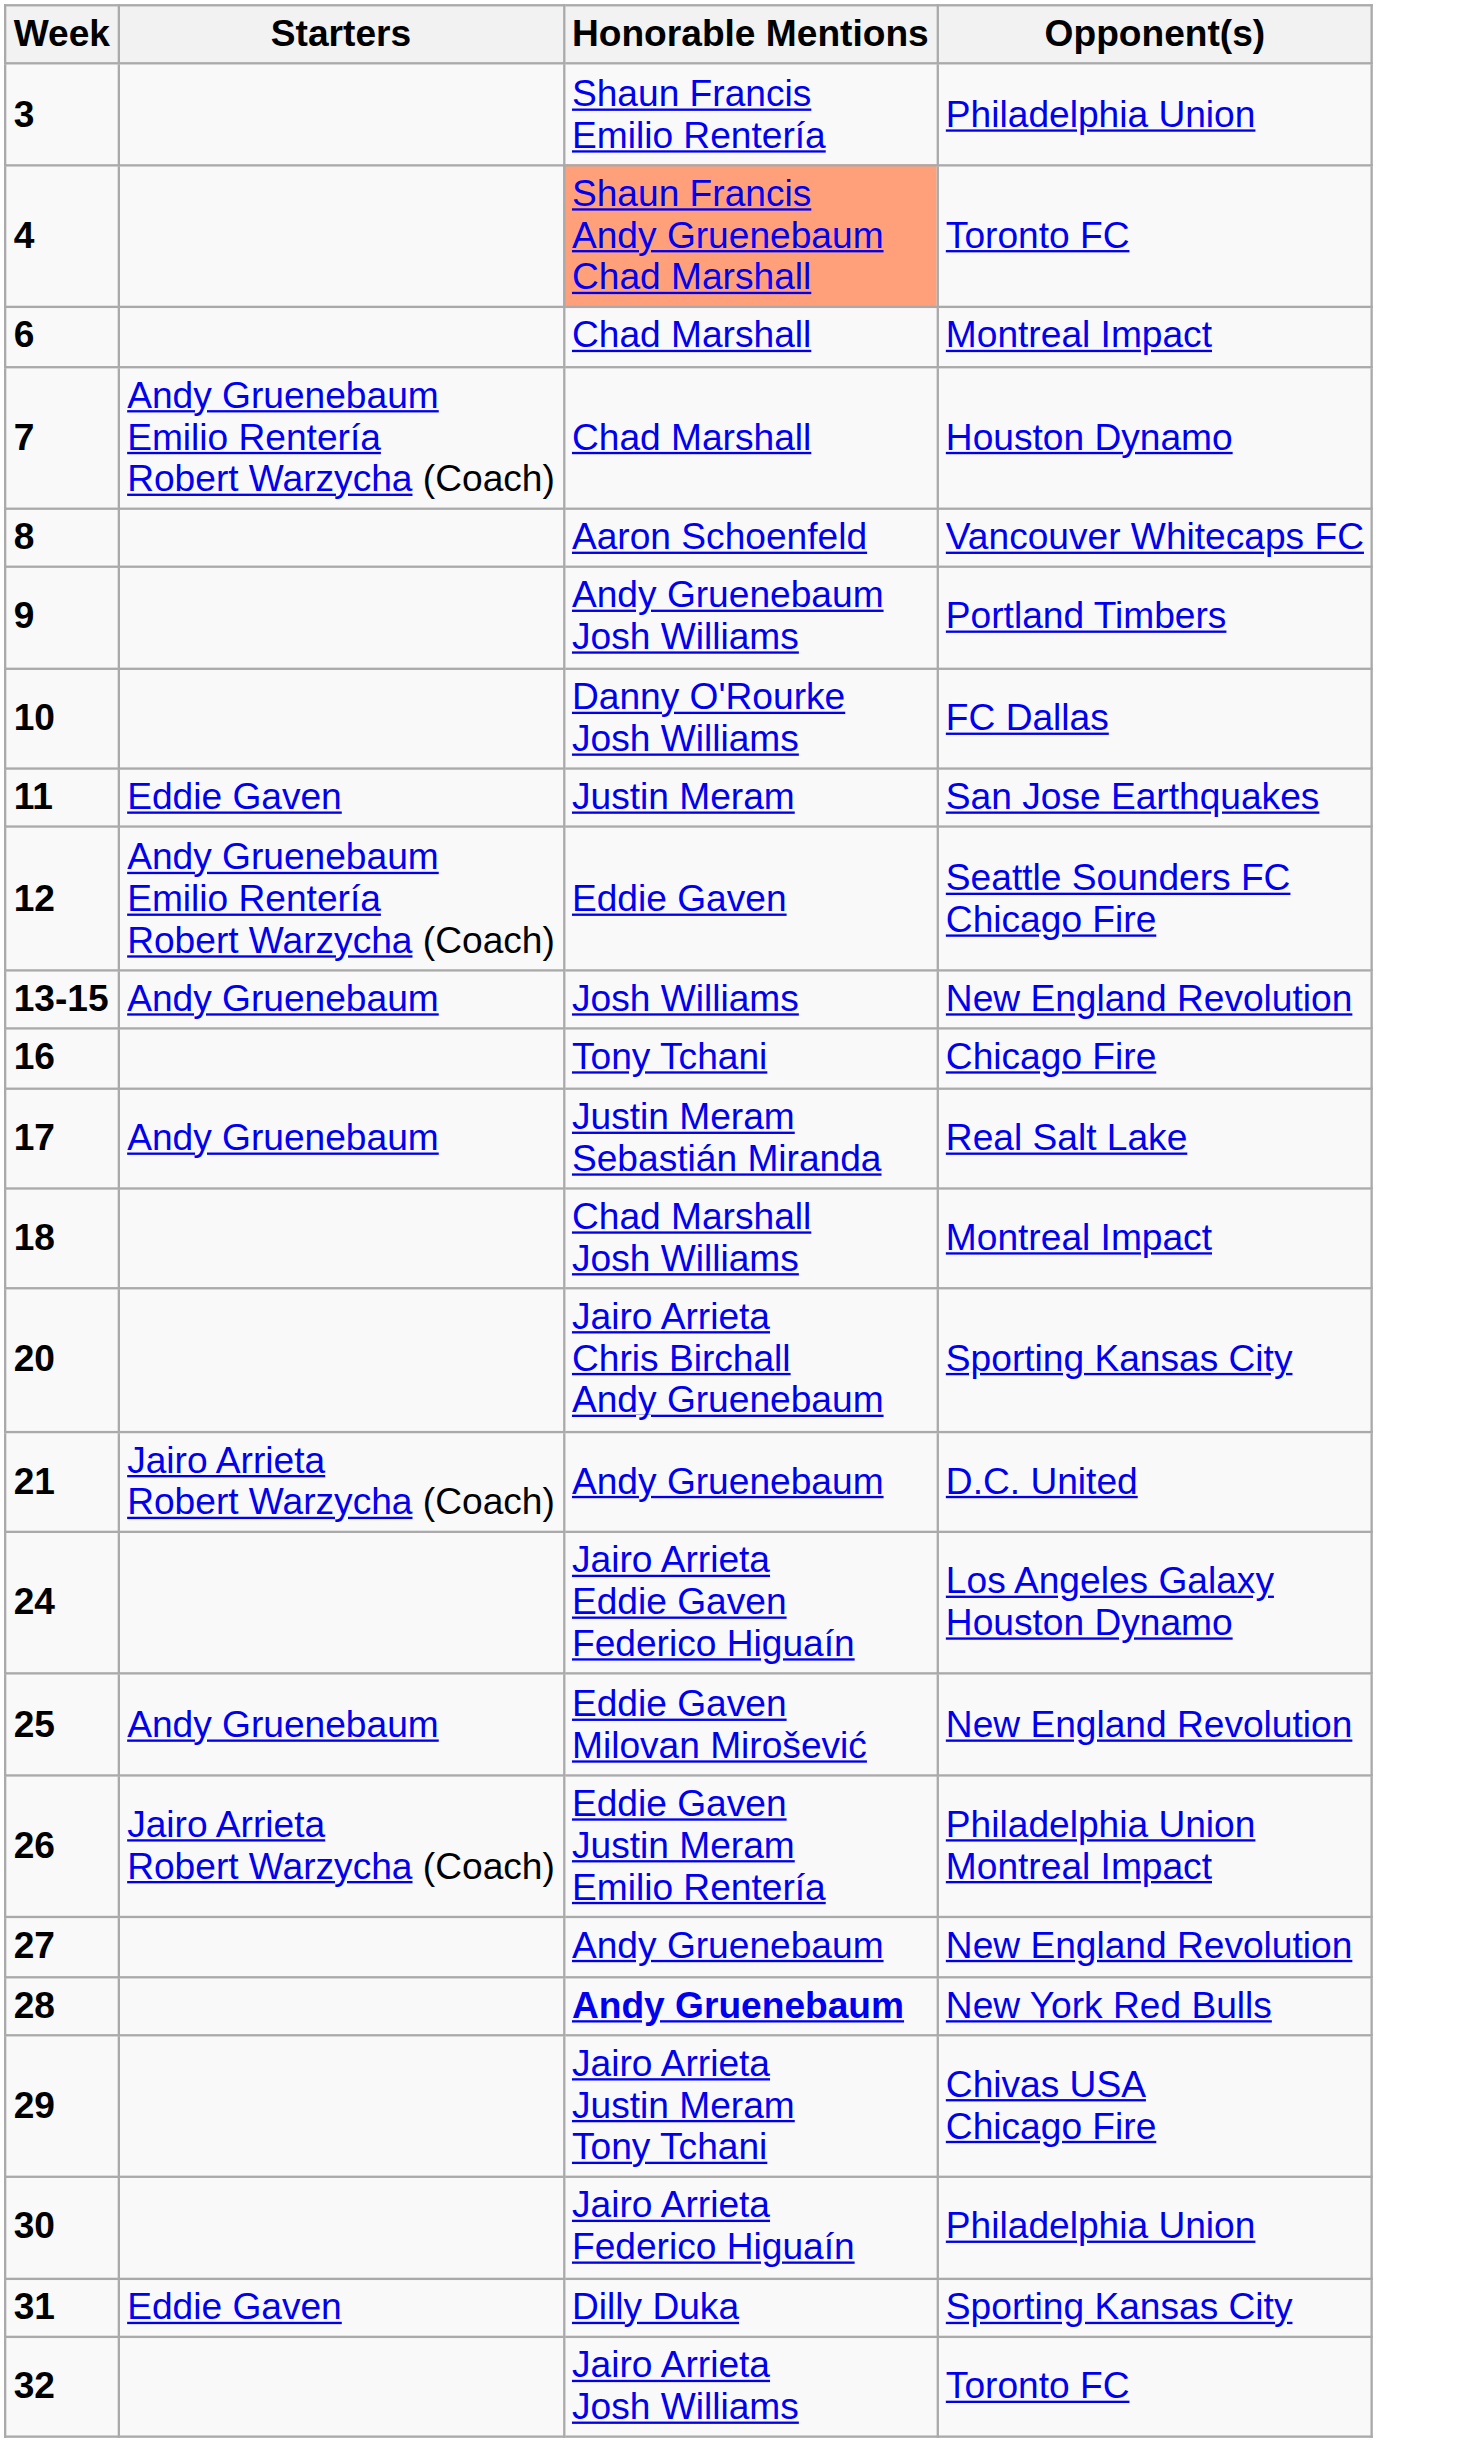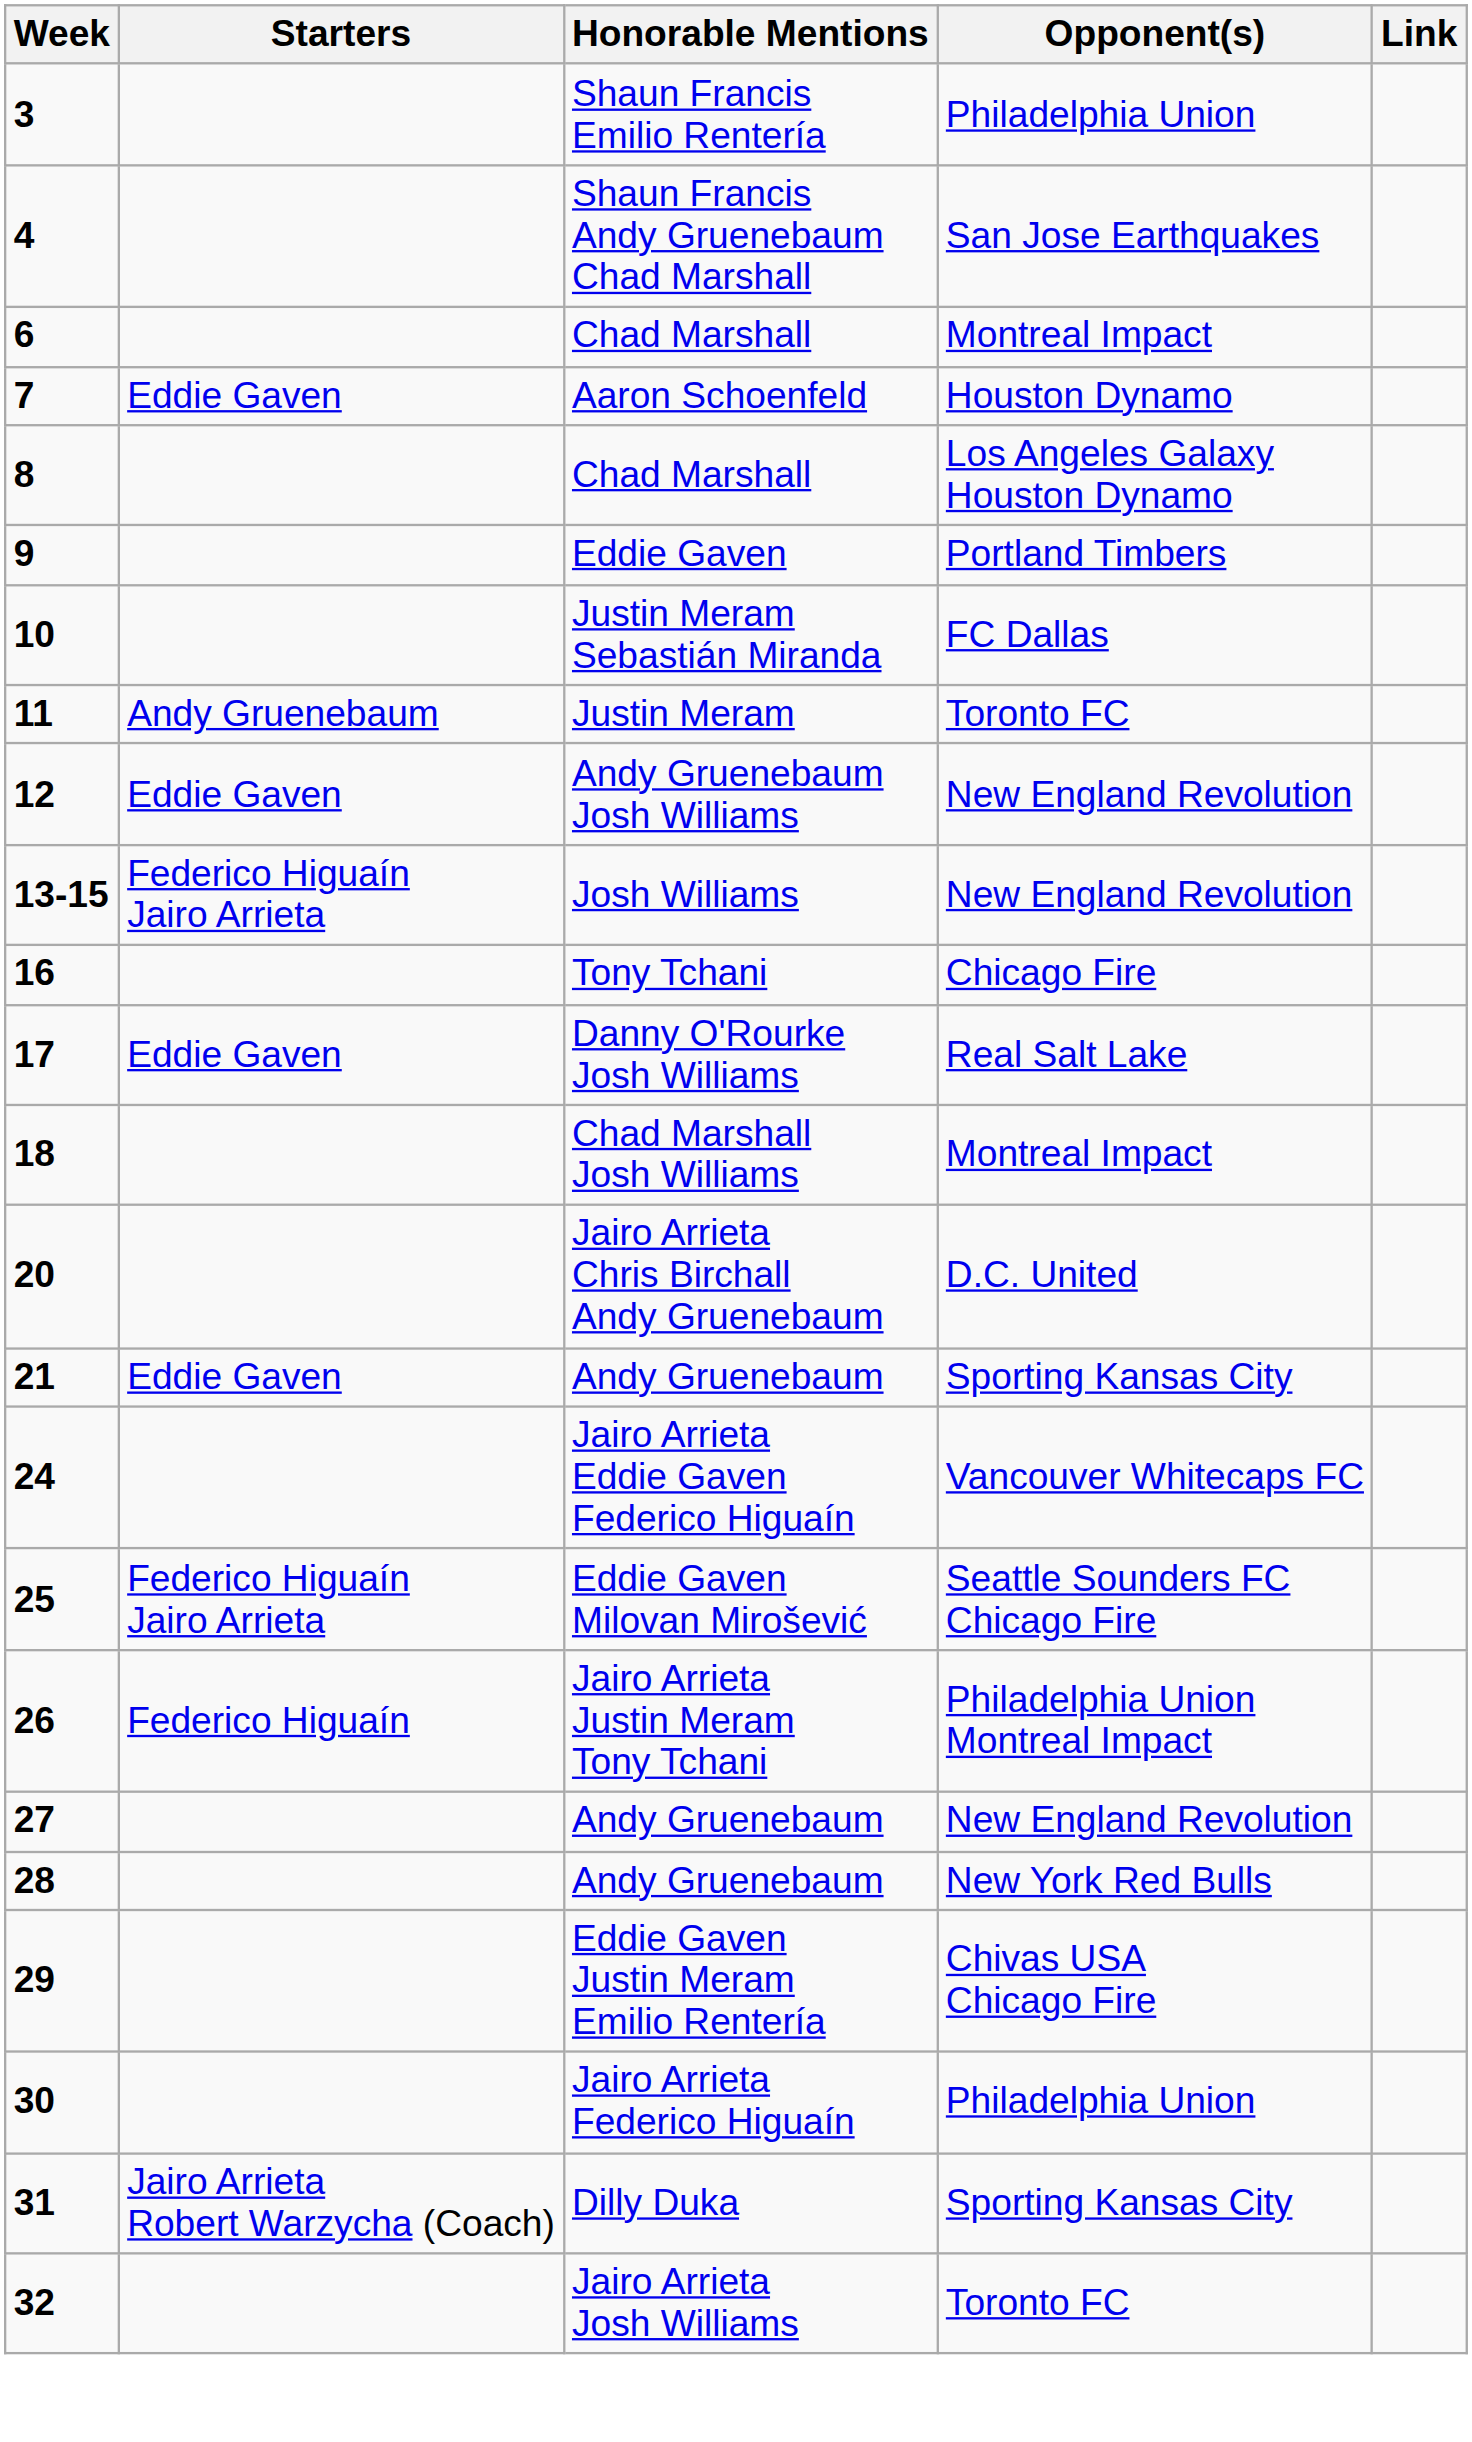 <table class=wikitable style="display:inline-table;">
 <tr>
 <th>Week</th>
 <th>Starters</th>
 <th>Honorable Mentions</th>
 <th>Opponent(s)</th>
+<th>Link</th>
 </tr>
 <tr>
 <td><strong>3</strong></td>
 <td></td>
 <td> <a href='#'>Shaun Francis</a><br> <a href='#'>Emilio Rentería</a></td>
 <td> <a href='#'>Philadelphia Union</a></td>
+<td></td>
 </tr>
 <tr>
 <td><strong>4</strong></td>
 <td></td>
-<td style="background: lightsalmon;"> <a href='#'>Shaun Francis</a><br> <a href='#'>Andy Gruenebaum</a><br> <a href='#'>Chad Marshall</a></td>
-<td> <a href='#'>Toronto FC</a></td>
+<td> <a href='#'>Shaun Francis</a><br> <a href='#'>Andy Gruenebaum</a><br> <a href='#'>Chad Marshall</a></td>
+<td> <a href='#'>San Jose Earthquakes</a></td>
+<td></td>
 </tr>
 <tr>
 <td><strong>6</strong></td>
 <td></td>
 <td> <a href='#'>Chad Marshall</a></td>
 <td> <a href='#'>Montreal Impact</a></td>
+<td></td>
 </tr>
 <tr>
 <td><strong>7</strong></td>
-<td> <a href='#'>Andy Gruenebaum</a><br> <a href='#'>Emilio Rentería</a><br> <a href='#'>Robert Warzycha</a> (Coach)</td>
-<td> <a href='#'>Chad Marshall</a></td>
+<td> <a href='#'>Eddie Gaven</a></td>
+<td> <a href='#'>Aaron Schoenfeld</a></td>
 <td> <a href='#'>Houston Dynamo</a></td>
+<td></td>
 </tr>
 <tr>
 <td><strong>8</strong></td>
 <td></td>
-<td> <a href='#'>Aaron Schoenfeld</a></td>
-<td> <a href='#'>Vancouver Whitecaps FC</a></td>
+<td> <a href='#'>Chad Marshall</a></td>
+<td> <a href='#'>Los Angeles Galaxy</a><br> <a href='#'>Houston Dynamo</a></td>
+<td></td>
 </tr>
 <tr>
 <td><strong>9</strong></td>
 <td></td>
-<td> <a href='#'>Andy Gruenebaum</a><br> <a href='#'>Josh Williams</a></td>
+<td> <a href='#'>Eddie Gaven</a></td>
 <td> <a href='#'>Portland Timbers</a></td>
+<td></td>
 </tr>
 <tr>
 <td><strong>10</strong></td>
 <td></td>
-<td> <a href='#'>Danny O'Rourke</a><br> <a href='#'>Josh Williams</a></td>
+<td> <a href='#'>Justin Meram</a><br> <a href='#'>Sebastián Miranda</a></td>
 <td> <a href='#'>FC Dallas</a></td>
+<td></td>
 </tr>
 <tr>
 <td><strong>11</strong></td>
-<td> <a href='#'>Eddie Gaven</a></td>
+<td> <a href='#'>Andy Gruenebaum</a></td>
 <td> <a href='#'>Justin Meram</a></td>
-<td> <a href='#'>San Jose Earthquakes</a></td>
+<td> <a href='#'>Toronto FC</a></td>
+<td></td>
 </tr>
 <tr>
 <td><strong>12</strong></td>
-<td> <a href='#'>Andy Gruenebaum</a><br> <a href='#'>Emilio Rentería</a><br> <a href='#'>Robert Warzycha</a> (Coach)</td>
 <td> <a href='#'>Eddie Gaven</a></td>
-<td> <a href='#'>Seattle Sounders FC</a><br><a href='#'>Chicago Fire</a></td>
+<td> <a href='#'>Andy Gruenebaum</a><br> <a href='#'>Josh Williams</a></td>
+<td> <a href='#'>New England Revolution</a></td>
+<td></td>
 </tr>
 <tr>
 <td><strong>13-15</strong></td>
-<td> <a href='#'>Andy Gruenebaum</a></td>
+<td> <a href='#'>Federico Higuaín</a><br> <a href='#'>Jairo Arrieta</a></td>
 <td> <a href='#'>Josh Williams</a></td>
 <td> <a href='#'>New England Revolution</a></td>
+<td></td>
 </tr>
 <tr>
 <td><strong>16</strong></td>
 <td></td>
 <td> <a href='#'>Tony Tchani</a></td>
 <td> <a href='#'>Chicago Fire</a></td>
+<td></td>
 </tr>
 <tr>
 <td><strong>17</strong></td>
-<td> <a href='#'>Andy Gruenebaum</a></td>
-<td> <a href='#'>Justin Meram</a><br> <a href='#'>Sebastián Miranda</a></td>
+<td> <a href='#'>Eddie Gaven</a></td>
+<td> <a href='#'>Danny O'Rourke</a><br> <a href='#'>Josh Williams</a></td>
 <td> <a href='#'>Real Salt Lake</a></td>
+<td></td>
 </tr>
 <tr>
 <td><strong>18</strong></td>
 <td></td>
 <td> <a href='#'>Chad Marshall</a><br> <a href='#'>Josh Williams</a></td>
 <td> <a href='#'>Montreal Impact</a></td>
+<td></td>
 </tr>
 <tr>
 <td><strong>20</strong></td>
 <td></td>
 <td> <a href='#'>Jairo Arrieta</a><br> <a href='#'>Chris Birchall</a><br> <a href='#'>Andy Gruenebaum</a></td>
-<td> <a href='#'>Sporting Kansas City</a></td>
+<td> <a href='#'>D.C. United</a></td>
+<td></td>
 </tr>
 <tr>
 <td><strong>21</strong></td>
-<td> <a href='#'>Jairo Arrieta</a><br> <a href='#'>Robert Warzycha</a> (Coach)</td>
+<td> <a href='#'>Eddie Gaven</a></td>
 <td> <a href='#'>Andy Gruenebaum</a></td>
-<td> <a href='#'>D.C. United</a></td>
+<td> <a href='#'>Sporting Kansas City</a></td>
+<td></td>
 </tr>
 <tr>
 <td><strong>24</strong></td>
 <td></td>
 <td> <a href='#'>Jairo Arrieta</a><br> <a href='#'>Eddie Gaven</a><br> <a href='#'>Federico Higuaín</a></td>
-<td> <a href='#'>Los Angeles Galaxy</a><br> <a href='#'>Houston Dynamo</a></td>
+<td> <a href='#'>Vancouver Whitecaps FC</a></td>
+<td></td>
 </tr>
 <tr>
 <td><strong>25</strong></td>
-<td> <a href='#'>Andy Gruenebaum</a></td>
+<td> <a href='#'>Federico Higuaín</a><br> <a href='#'>Jairo Arrieta</a></td>
 <td> <a href='#'>Eddie Gaven</a><br> <a href='#'>Milovan Mirošević</a></td>
-<td> <a href='#'>New England Revolution</a></td>
+<td> <a href='#'>Seattle Sounders FC</a><br><a href='#'>Chicago Fire</a></td>
+<td></td>
 </tr>
 <tr>
 <td><strong>26</strong></td>
-<td> <a href='#'>Jairo Arrieta</a><br> <a href='#'>Robert Warzycha</a> (Coach)</td>
-<td> <a href='#'>Eddie Gaven</a><br> <a href='#'>Justin Meram</a><br> <a href='#'>Emilio Rentería</a></td>
+<td> <a href='#'>Federico Higuaín</a></td>
+<td> <a href='#'>Jairo Arrieta</a><br> <a href='#'>Justin Meram</a><br> <a href='#'>Tony Tchani</a></td>
 <td> <a href='#'>Philadelphia Union</a><br> <a href='#'>Montreal Impact</a></td>
+<td></td>
 </tr>
 <tr>
 <td><strong>27</strong></td>
 <td></td>
 <td> <a href='#'>Andy Gruenebaum</a></td>
 <td> <a href='#'>New England Revolution</a></td>
+<td></td>
 </tr>
 <tr>
 <td><strong>28</strong></td>
 <td></td>
-<td><strong> <a href='#'>Andy Gruenebaum</a></strong></td>
+<td> <a href='#'>Andy Gruenebaum</a></td>
 <td> <a href='#'>New York Red Bulls</a></td>
+<td></td>
 </tr>
 <tr>
 <td><strong>29</strong></td>
 <td></td>
-<td> <a href='#'>Jairo Arrieta</a><br> <a href='#'>Justin Meram</a><br> <a href='#'>Tony Tchani</a></td>
+<td> <a href='#'>Eddie Gaven</a><br> <a href='#'>Justin Meram</a><br> <a href='#'>Emilio Rentería</a></td>
 <td> <a href='#'>Chivas USA</a><br> <a href='#'>Chicago Fire</a></td>
+<td></td>
 </tr>
 <tr>
 <td><strong>30</strong></td>
 <td></td>
 <td> <a href='#'>Jairo Arrieta</a><br> <a href='#'>Federico Higuaín</a></td>
 <td> <a href='#'>Philadelphia Union</a></td>
+<td></td>
 </tr>
 <tr>
 <td><strong>31</strong></td>
-<td> <a href='#'>Eddie Gaven</a></td>
+<td> <a href='#'>Jairo Arrieta</a><br> <a href='#'>Robert Warzycha</a> (Coach)</td>
 <td> <a href='#'>Dilly Duka</a></td>
 <td> <a href='#'>Sporting Kansas City</a></td>
+<td></td>
 </tr>
 <tr>
 <td><strong>32</strong></td>
 <td></td>
 <td> <a href='#'>Jairo Arrieta</a><br> <a href='#'>Josh Williams</a></td>
 <td> <a href='#'>Toronto FC</a></td>
+<td></td>
 </tr>
 </table>
